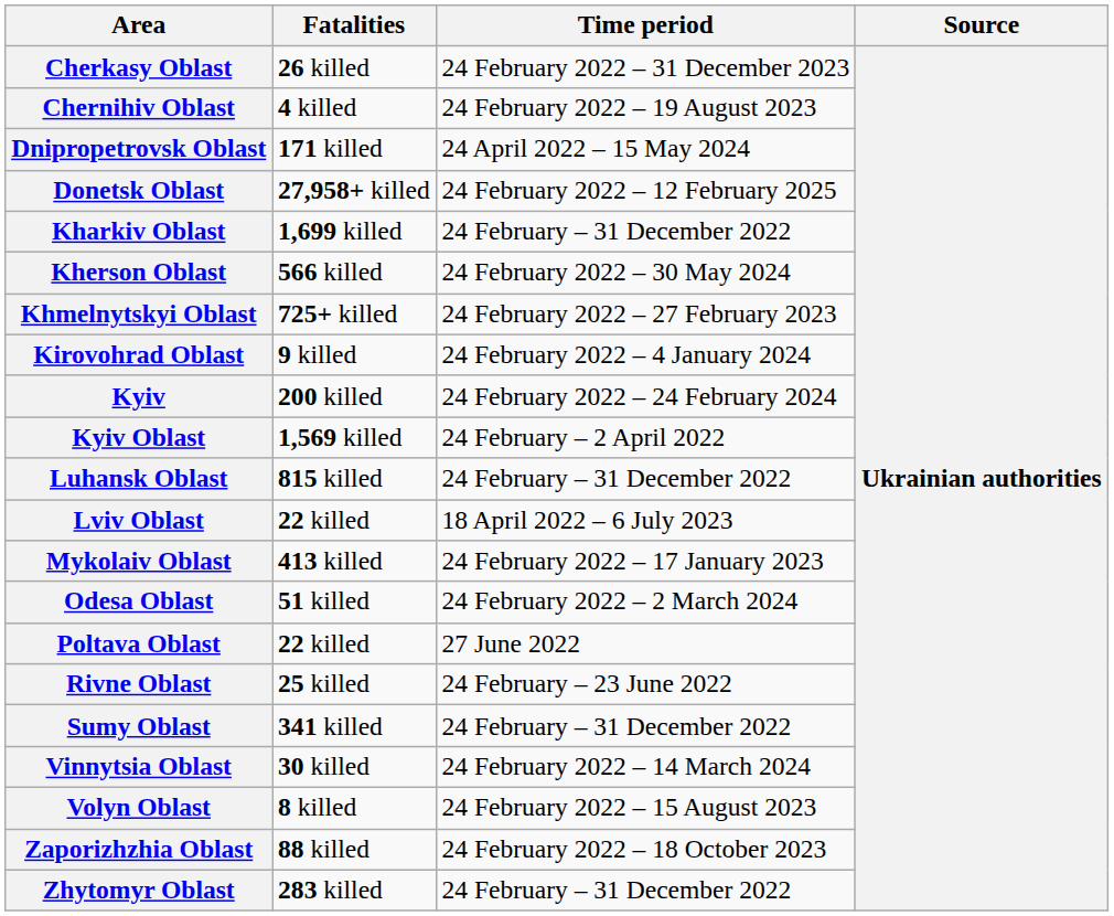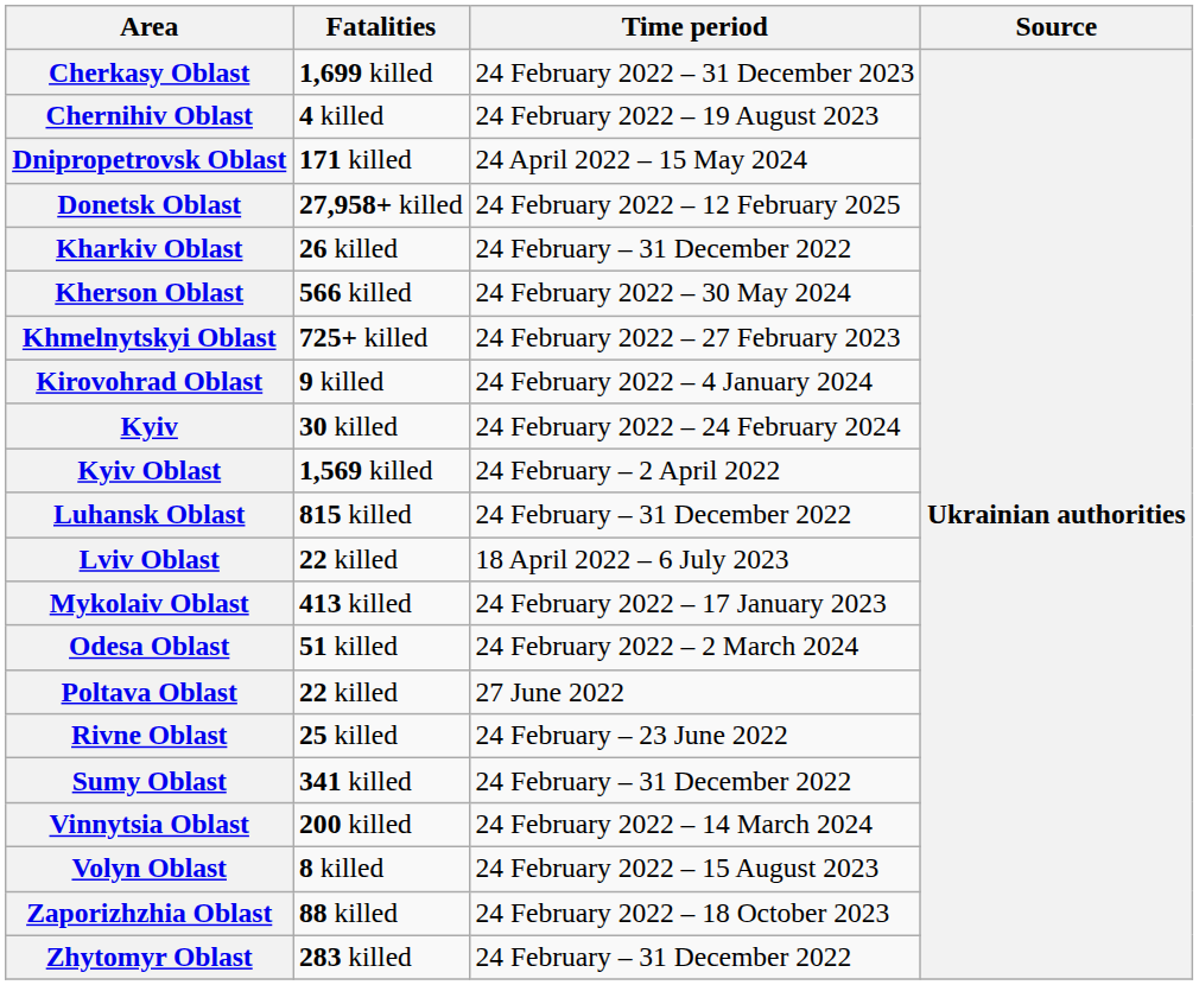 <table class="wikitable plainrowheaders">
 <tr>
 <th scope="col">Area</th>
 <th scope="col">Fatalities</th>
 <th scope="col">Time period</th>
 <th scope="col">Source</th>
 </tr>
 <tr>
 <th scope="row"><a href='#'>Cherkasy Oblast</a></th>
-<td><strong>26</strong> killed</td>
+<td><strong>1,699</strong> killed</td>
 <td>24 February 2022 – 31 December 2023</td>
 <th rowspan="21" scope="row">Ukrainian authorities</th>
 </tr>
 <tr>
 <th scope="row"><a href='#'>Chernihiv Oblast</a></th>
 <td><strong>4</strong> killed</td>
 <td>24 February 2022 – 19 August 2023</td>
 </tr>
 <tr>
 <th scope="row"><a href='#'>Dnipropetrovsk Oblast</a></th>
 <td><strong>171</strong> killed</td>
 <td>24 April 2022 – 15 May 2024</td>
 </tr>
 <tr>
 <th scope="row"><a href='#'>Donetsk Oblast</a></th>
 <td><strong>27,958+</strong> killed</td>
 <td>24 February 2022 – 12 February 2025</td>
 </tr>
 <tr>
 <th scope="row"><a href='#'>Kharkiv Oblast</a></th>
-<td><strong>1,699</strong> killed</td>
+<td><strong>26</strong> killed</td>
 <td>24 February – 31 December 2022</td>
 </tr>
 <tr>
 <th scope="row"><a href='#'>Kherson Oblast</a></th>
 <td><strong>566</strong> killed</td>
 <td>24 February 2022 – 30 May 2024</td>
 </tr>
 <tr>
 <th scope="row"><a href='#'>Khmelnytskyi Oblast</a></th>
 <td><strong>725+</strong> killed</td>
 <td>24 February 2022 – 27 February 2023</td>
 </tr>
 <tr>
 <th scope="row"><a href='#'>Kirovohrad Oblast</a></th>
 <td><strong>9</strong> killed</td>
 <td>24 February 2022 – 4 January 2024</td>
 </tr>
 <tr>
 <th scope="row"><a href='#'>Kyiv</a></th>
-<td><strong>200</strong> killed</td>
+<td><strong>30</strong> killed</td>
 <td>24 February 2022 – 24 February 2024</td>
 </tr>
 <tr>
 <th scope="row"><a href='#'>Kyiv Oblast</a></th>
 <td><strong>1,569</strong> killed</td>
 <td>24 February – 2 April 2022</td>
 </tr>
 <tr>
 <th scope="row"><a href='#'>Luhansk Oblast</a></th>
 <td><strong>815</strong> killed</td>
 <td>24 February – 31 December 2022</td>
 </tr>
 <tr>
 <th scope="row"><a href='#'>Lviv Oblast</a></th>
 <td><strong>22</strong> killed</td>
 <td>18 April 2022 – 6 July 2023</td>
 </tr>
 <tr>
 <th scope="row"><a href='#'>Mykolaiv Oblast</a></th>
 <td><strong>413</strong> killed</td>
 <td>24 February 2022 – 17 January 2023</td>
 </tr>
 <tr>
 <th scope="row"><a href='#'>Odesa Oblast</a></th>
 <td><strong>51</strong> killed</td>
 <td>24 February 2022 – 2 March 2024</td>
 </tr>
 <tr>
 <th scope="row"><a href='#'>Poltava Oblast</a></th>
 <td><strong>22</strong> killed</td>
 <td>27 June 2022</td>
 </tr>
 <tr>
 <th scope="row"><a href='#'>Rivne Oblast</a></th>
 <td><strong>25</strong> killed</td>
 <td>24 February – 23 June 2022</td>
 </tr>
 <tr>
 <th scope="row"><a href='#'>Sumy Oblast</a></th>
 <td><strong>341</strong> killed</td>
 <td>24 February – 31 December 2022</td>
 </tr>
 <tr>
 <th scope="row"><a href='#'>Vinnytsia Oblast</a></th>
-<td><strong>30</strong> killed</td>
+<td><strong>200</strong> killed</td>
 <td>24 February 2022 – 14 March 2024</td>
 </tr>
 <tr>
 <th scope="row"><a href='#'>Volyn Oblast</a></th>
 <td><strong>8</strong> killed</td>
 <td>24 February 2022 – 15 August 2023</td>
 </tr>
 <tr>
 <th scope="row"><a href='#'>Zaporizhzhia Oblast</a></th>
 <td><strong>88</strong> killed</td>
 <td>24 February 2022 – 18 October 2023</td>
 </tr>
 <tr>
 <th scope="row"><a href='#'>Zhytomyr Oblast</a></th>
 <td><strong>283</strong> killed</td>
 <td>24 February – 31 December 2022</td>
 </tr>
 </table>
